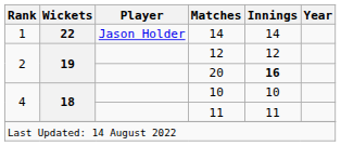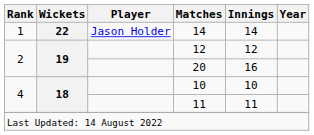 <table class="wikitable plainrowheaders sortable">
 <tr>
 <th scope=col>Rank</th>
 <th scope=col>Wickets</th>
 <th scope=col>Player</th>
 <th scope=col>Matches</th>
 <th scope=col>Innings</th>
 <th scope=col>Year</th>
 </tr>
 <tr>
 <td align=center>1</td>
 <th scope=row style=text-align:center;>22</th>
 <td><a href='#'>Jason Holder</a></td>
 <td align=center>14</td>
 <td align=center>14</td>
 <td></td>
 </tr>
 <tr>
 <td align=center rowspan=2>2</td>
 <th scope=row style=text-align:center; rowspan=2>19</th>
 <td></td>
 <td align=center>12</td>
 <td align=center>12</td>
 <td></td>
 </tr>
 <tr>
 <td></td>
 <td align=center>20</td>
-<td align=center><strong>16</strong></td>
+<td align=center>16</td>
 <td></td>
 </tr>
 <tr>
 <td align=center rowspan=2>4</td>
 <th scope=row style=text-align:center; rowspan=2>18</th>
 <td></td>
 <td align=center>10</td>
 <td align=center>10</td>
 <td></td>
 </tr>
 <tr>
 <td></td>
 <td align=center>11</td>
 <td align=center>11</td>
 <td></td>
 </tr>
 <tr>
 </tr>
 <tr class=sortbottom>
 <td colspan=6><small>Last Updated: 14 August 2022</small></td>
 </tr>
 </table>
